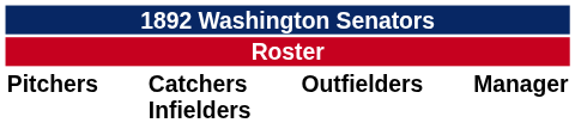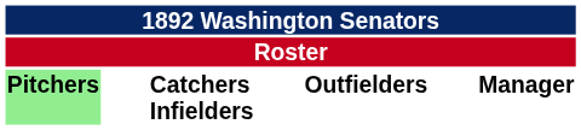 <table class="toccolours" style="font-size: 95%;">
 <tr>
 <th colspan="10" style="background-color: #072764; color: white; text-align: center;">1892 Washington Senators</th>
 </tr>
 <tr>
 <td colspan="10" style="background-color: #c6011f; color: white; text-align: center;"><strong>Roster</strong></td>
 </tr>
 <tr>
-<td valign="top"><strong>Pitchers</strong><br>          </td>
+<td valign="top" style="background: lightgreen;"><strong>Pitchers</strong><br>          </td>
 <td width="25px"></td>
 <td valign="top"><strong>Catchers</strong><br>    <strong>Infielders</strong>           </td>
 <td width="25px"></td>
 <td valign="top"><strong>Outfielders</strong><br>      </td>
 <td width="25px"></td>
 <td valign="top"><strong>Manager</strong><br>  </td>
 </tr>
 </table>
